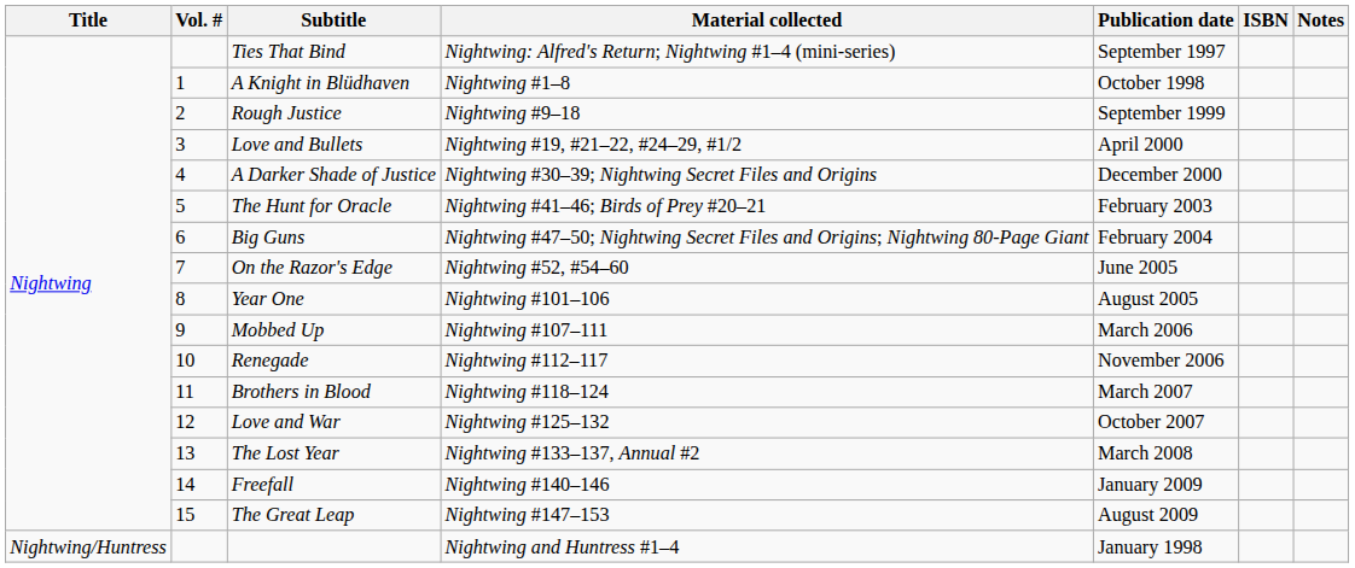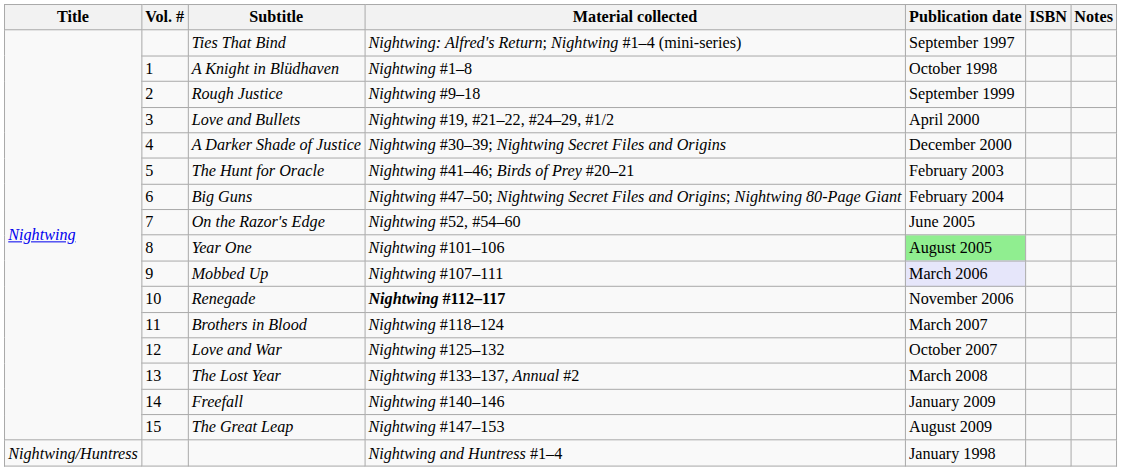 <table class="wikitable">
 <tr>
 <th>Title</th>
 <th>Vol. #</th>
 <th>Subtitle</th>
 <th>Material collected</th>
 <th>Publication date</th>
 <th>ISBN</th>
 <th>Notes</th>
 </tr>
 <tr>
 <td rowspan="16"><em><a href='#'>Nightwing</a></em></td>
 <td></td>
 <td><em>Ties That Bind</em></td>
 <td><em>Nightwing: Alfred's Return</em>; <em>Nightwing</em> #1–4 (mini-series)</td>
 <td>September 1997</td>
 <td></td>
 <td></td>
 </tr>
 <tr>
 <td>1</td>
 <td><em>A Knight in Blüdhaven</em></td>
 <td><em>Nightwing</em> #1–8</td>
 <td>October 1998</td>
 <td></td>
 <td></td>
 </tr>
 <tr>
 <td>2</td>
 <td><em>Rough Justice</em></td>
 <td><em>Nightwing</em> #9–18</td>
 <td style=white-space:nowrap>September 1999</td>
 <td style=white-space:nowrap></td>
 <td></td>
 </tr>
 <tr>
 <td>3</td>
 <td><em>Love and Bullets</em></td>
 <td><em>Nightwing</em> #19, #21–22, #24–29, #1/2</td>
 <td>April 2000</td>
 <td></td>
 <td></td>
 </tr>
 <tr>
 <td>4</td>
 <td><em>A Darker Shade of Justice</em></td>
 <td><em>Nightwing</em> #30–39; <em>Nightwing Secret Files and Origins</em></td>
 <td>December 2000</td>
 <td></td>
 <td></td>
 </tr>
 <tr>
 <td>5</td>
 <td><em>The Hunt for Oracle</em></td>
 <td><em>Nightwing</em> #41–46; <em>Birds of Prey</em> #20–21</td>
 <td>February 2003</td>
 <td></td>
 <td></td>
 </tr>
 <tr>
 <td>6</td>
 <td><em>Big Guns</em></td>
 <td><em>Nightwing</em> #47–50; <em>Nightwing Secret Files and Origins</em>; <em>Nightwing 80-Page Giant</em></td>
 <td>February 2004</td>
 <td></td>
 <td></td>
 </tr>
 <tr>
 <td>7</td>
 <td><em>On the Razor's Edge</em></td>
 <td><em>Nightwing</em> #52, #54–60</td>
 <td>June 2005</td>
 <td></td>
 <td></td>
 </tr>
 <tr>
 <td>8</td>
 <td><em>Year One</em></td>
 <td><em>Nightwing</em> #101–106</td>
-<td>August 2005</td>
+<td style="background: lightgreen;">August 2005</td>
 <td></td>
 <td></td>
 </tr>
 <tr>
 <td>9</td>
 <td><em>Mobbed Up</em></td>
 <td><em>Nightwing</em> #107–111</td>
-<td>March 2006</td>
+<td style="background: lavender;">March 2006</td>
 <td></td>
 <td></td>
 </tr>
 <tr>
 <td>10</td>
 <td><em>Renegade</em></td>
-<td><em>Nightwing</em> #112–117</td>
+<td><strong><em>Nightwing</em> #112–117</strong></td>
 <td>November 2006</td>
 <td></td>
 <td></td>
 </tr>
 <tr>
 <td>11</td>
 <td><em>Brothers in Blood</em></td>
 <td><em>Nightwing</em> #118–124</td>
 <td>March 2007</td>
 <td></td>
 <td></td>
 </tr>
 <tr>
 <td>12</td>
 <td><em>Love and War</em></td>
 <td><em>Nightwing</em> #125–132</td>
 <td>October 2007</td>
 <td></td>
 <td></td>
 </tr>
 <tr>
 <td>13</td>
 <td><em>The Lost Year</em></td>
 <td><em>Nightwing</em> #133–137, <em>Annual</em> #2</td>
 <td>March 2008</td>
 <td></td>
 <td></td>
 </tr>
 <tr>
 <td>14</td>
 <td><em>Freefall</em></td>
 <td><em>Nightwing</em> #140–146</td>
 <td>January 2009</td>
 <td></td>
 <td></td>
 </tr>
 <tr>
 <td>15</td>
 <td><em>The Great Leap</em></td>
 <td><em>Nightwing</em> #147–153</td>
 <td>August 2009</td>
 <td></td>
 <td></td>
 </tr>
 <tr>
 <td><em>Nightwing/Huntress</em></td>
 <td></td>
 <td></td>
 <td><em>Nightwing and Huntress</em> #1–4</td>
 <td>January 1998</td>
 <td></td>
 <td></td>
 </tr>
 </table>
